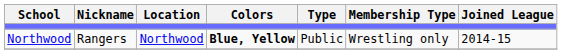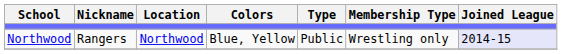 <table class="wikitable sortable">
 <tr>
 <th>School</th>
 <th>Nickname</th>
 <th>Location</th>
 <th>Colors</th>
 <th>Type</th>
 <th>Membership Type</th>
 <th>Joined League</th>
 </tr>
 <tr>
 <th colspan="8" style="background:#676AFE;"></th>
 </tr>
 <tr>
 <td><a href='#'>Northwood</a></td>
 <td>Rangers</td>
 <td><a href='#'>Northwood</a></td>
-<td><strong>Blue, Yellow <br>  </strong></td>
+<td>Blue, Yellow <br>  </td>
 <td>Public</td>
 <td>Wrestling only</td>
-<td>2014-15</td>
+<td style="background: lavender;">2014-15</td>
 </tr>
 <tr>
 </tr>
 </table>
